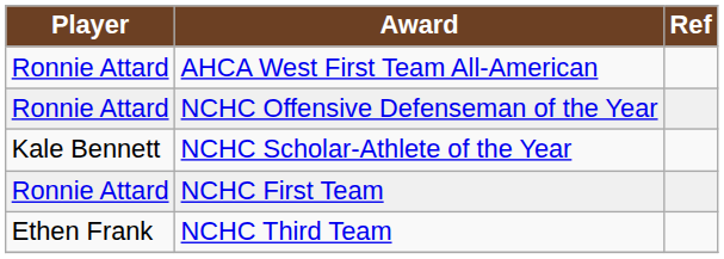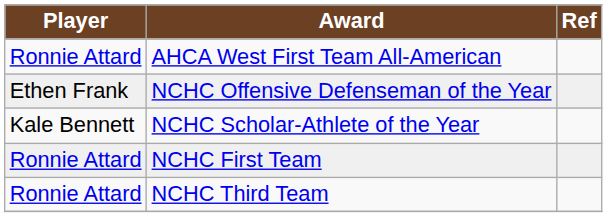 <table class="wikitable">
 <tr>
 <th style="color:white; background:#6C4023; ">Player</th>
 <th style="color:white; background:#6C4023; ">Award</th>
 <th style="color:white; background:#6C4023; ">Ref</th>
 </tr>
 <tr>
 <td><a href='#'>Ronnie Attard</a></td>
 <td><a href='#'>AHCA West First Team All-American</a></td>
 <td></td>
 </tr>
 <tr bgcolor=f0f0f0>
-<td><a href='#'>Ronnie Attard</a></td>
+<td>Ethen Frank</td>
 <td><a href='#'>NCHC Offensive Defenseman of the Year</a></td>
 <td></td>
 </tr>
 <tr>
 <td>Kale Bennett</td>
 <td><a href='#'>NCHC Scholar-Athlete of the Year</a></td>
 <td></td>
 </tr>
 <tr bgcolor=f0f0f0>
 <td><a href='#'>Ronnie Attard</a></td>
 <td><a href='#'>NCHC First Team</a></td>
 <td></td>
 </tr>
 <tr>
-<td>Ethen Frank</td>
+<td><a href='#'>Ronnie Attard</a></td>
 <td><a href='#'>NCHC Third Team</a></td>
 <td></td>
 </tr>
 <tr>
 </tr>
 </table>
